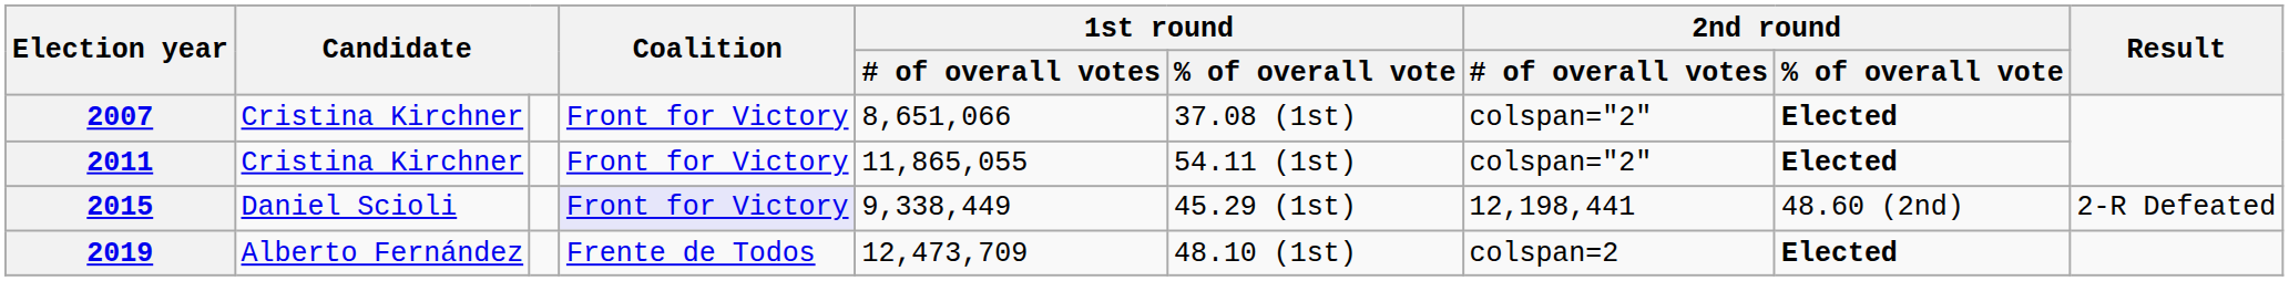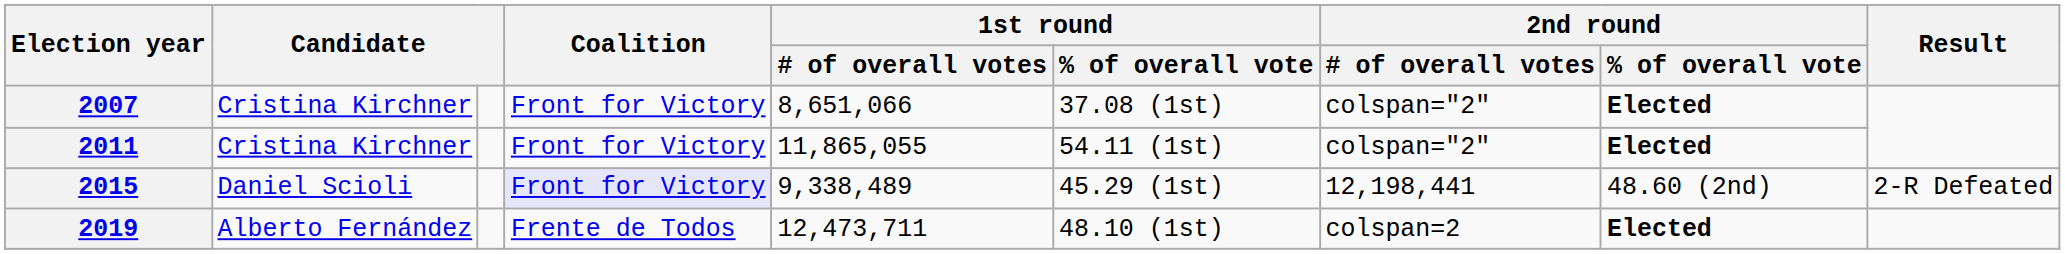 <table class=wikitable>
 <tr>
 <th rowspan=2>Election year</th>
 <th rowspan=2 colspan=2>Candidate</th>
 <th rowspan=2>Coalition</th>
 <th colspan=2>1st round</th>
 <th colspan=2>2nd round</th>
 <th rowspan=2>Result</th>
 </tr>
 <tr>
 <th># of overall votes</th>
 <th>% of overall vote</th>
 <th># of overall votes</th>
 <th>% of overall vote</th>
 </tr>
 <tr>
 <th><a href='#'>2007</a></th>
 <td><a href='#'>Cristina Kirchner</a></td>
 <td bgcolor=> </td>
 <td><a href='#'>Front for Victory</a></td>
 <td>8,651,066</td>
 <td>37.08	(1st)</td>
 <td>colspan="2" </td>
 <td> <strong>Elected</strong></td>
 </tr>
 <tr>
 <th><a href='#'>2011</a></th>
 <td><a href='#'>Cristina Kirchner</a></td>
 <td bgcolor=> </td>
 <td><a href='#'>Front for Victory</a></td>
 <td>11,865,055</td>
 <td>54.11 (1st)</td>
 <td>colspan="2" </td>
 <td> <strong>Elected</strong></td>
 </tr>
 <tr>
 <th><a href='#'>2015</a></th>
 <td><a href='#'>Daniel Scioli</a></td>
 <td bgcolor=> </td>
 <td style="background: lavender;"><a href='#'>Front for Victory</a></td>
-<td>9,338,449</td>
+<td>9,338,489</td>
 <td>45.29 (1st)</td>
 <td>12,198,441</td>
 <td>48.60 (2nd)</td>
 <td> 2-R Defeated</td>
 </tr>
 <tr>
 <th><a href='#'>2019</a></th>
 <td><a href='#'>Alberto Fernández</a></td>
 <td bgcolor=> </td>
 <td><a href='#'>Frente de Todos</a></td>
-<td>12,473,709</td>
+<td>12,473,711</td>
 <td>48.10 (1st)</td>
 <td>colspan=2 </td>
 <td> <strong>Elected</strong></td>
 </tr>
 </table>
